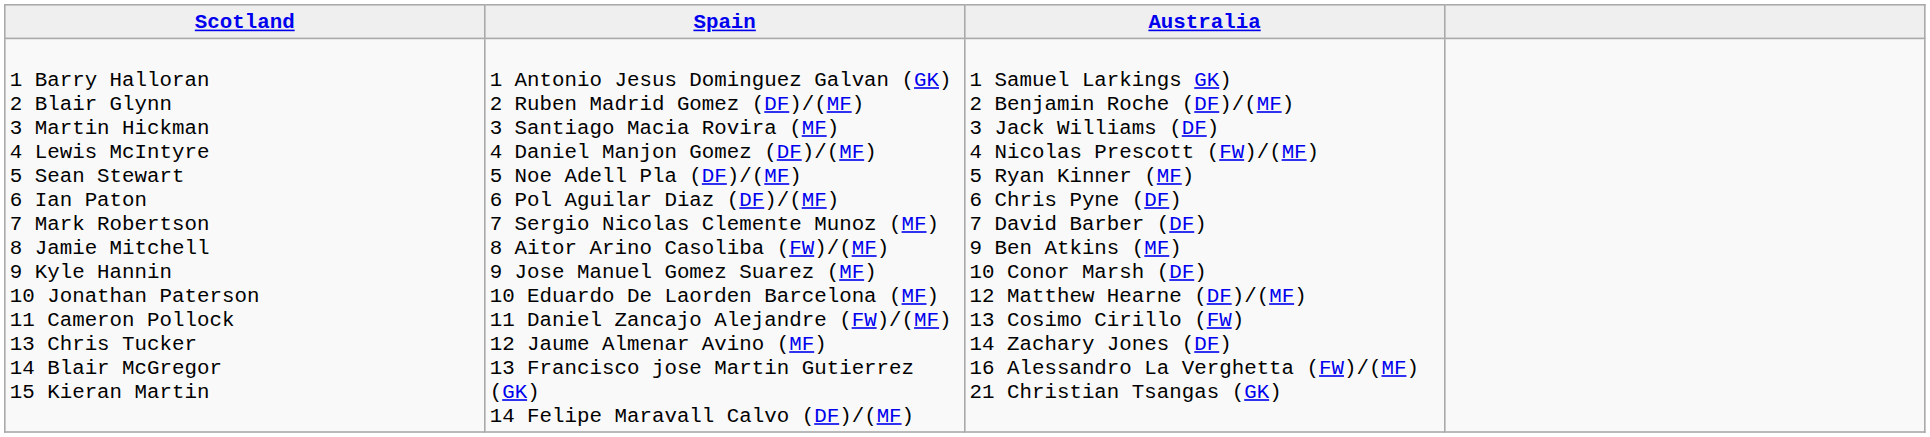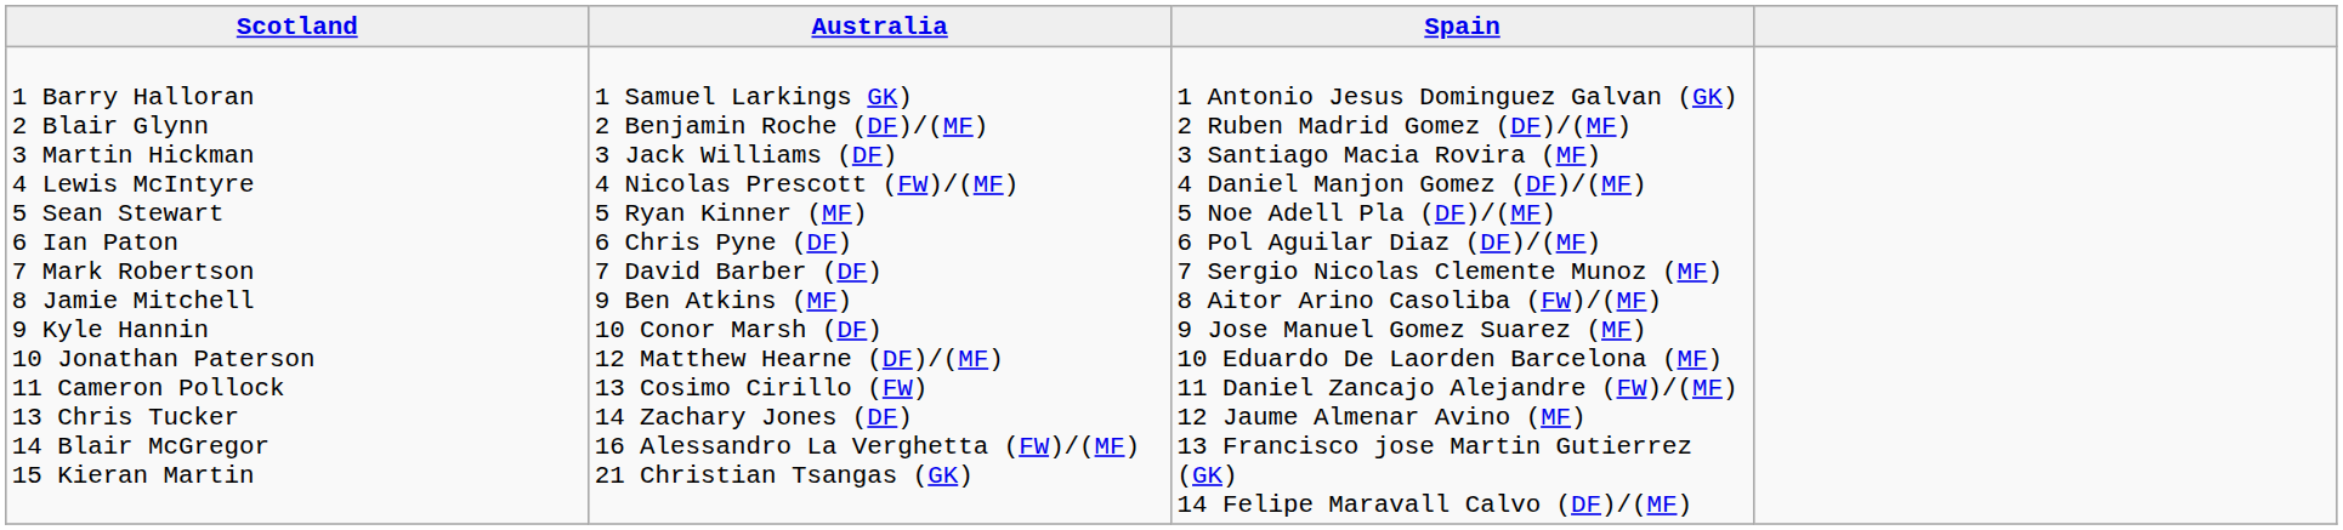 <table class="wikitable mw-collapsible mw-collapsed" cellpadding=5 cellspacing=0 style="width:95%">
 <tr align=center>
 <td bgcolor="#efefef" width="200"><strong> <a href='#'>Scotland</a></strong></td>
+<td bgcolor="#efefef" width="200"><strong> <a href='#'>Australia</a></strong></td>
 <td bgcolor="#efefef" width="200"><strong> <a href='#'>Spain</a></strong></td>
-<td bgcolor="#efefef" width="200"><strong> <a href='#'>Australia</a></strong></td>
 <td bgcolor="#efefef" width="200"></td>
 </tr>
 <tr valign=top>
 <td><br>1 Barry Halloran<br> 2 Blair Glynn <br> 3 Martin Hickman<br> 4 Lewis McIntyre<br> 5 Sean Stewart<br> 6 Ian Paton<br> 7 Mark Robertson<br> 8 Jamie Mitchell<br> 9 Kyle Hannin<br> 10 Jonathan Paterson<br> 11 Cameron Pollock<br> 13 Chris Tucker<br> 14 Blair McGregor<br> 15 Kieran Martin<br></td>
+<td><br>1 Samuel Larkings <a href='#'>GK</a>)<br> 2 Benjamin Roche (<a href='#'>DF</a>)/(<a href='#'>MF</a>)<br> 3 Jack Williams (<a href='#'>DF</a>)<br> 4 Nicolas Prescott (<a href='#'>FW</a>)/(<a href='#'>MF</a>)<br> 5 Ryan Kinner (<a href='#'>MF</a>)<br> 6 Chris Pyne (<a href='#'>DF</a>)<br> 7 David Barber (<a href='#'>DF</a>)<br> 9 Ben Atkins (<a href='#'>MF</a>)<br> 10 Conor Marsh (<a href='#'>DF</a>)<br> 12 Matthew Hearne (<a href='#'>DF</a>)/(<a href='#'>MF</a>)<br> 13 Cosimo Cirillo (<a href='#'>FW</a>)<br> 14 Zachary Jones (<a href='#'>DF</a>)<br> 16 Alessandro La Verghetta (<a href='#'>FW</a>)/(<a href='#'>MF</a>)<br> 21 Christian Tsangas (<a href='#'>GK</a>)<br></td>
 <td><br>1 Antonio Jesus Dominguez Galvan (<a href='#'>GK</a>)<br> 2 Ruben Madrid Gomez (<a href='#'>DF</a>)/(<a href='#'>MF</a>)<br> 3 Santiago	Macia Rovira (<a href='#'>MF</a>)<br> 4 Daniel Manjon Gomez (<a href='#'>DF</a>)/(<a href='#'>MF</a>)<br> 5 Noe Adell Pla (<a href='#'>DF</a>)/(<a href='#'>MF</a>)<br> 6 Pol Aguilar Diaz (<a href='#'>DF</a>)/(<a href='#'>MF</a>)<br> 7 Sergio Nicolas Clemente Munoz (<a href='#'>MF</a>)<br> 8 Aitor Arino Casoliba (<a href='#'>FW</a>)/(<a href='#'>MF</a>)<br> 9 Jose Manuel Gomez Suarez (<a href='#'>MF</a>)<br> 10 Eduardo De Laorden Barcelona (<a href='#'>MF</a>)<br> 11 Daniel Zancajo Alejandre (<a href='#'>FW</a>)/(<a href='#'>MF</a>)<br> 12 Jaume Almenar Avino (<a href='#'>MF</a>)<br> 13 Francisco jose Martin Gutierrez (<a href='#'>GK</a>)<br> 14 Felipe Maravall Calvo (<a href='#'>DF</a>)/(<a href='#'>MF</a>)<br></td>
-<td><br>1 Samuel Larkings <a href='#'>GK</a>)<br> 2 Benjamin Roche (<a href='#'>DF</a>)/(<a href='#'>MF</a>)<br> 3 Jack Williams (<a href='#'>DF</a>)<br> 4 Nicolas Prescott (<a href='#'>FW</a>)/(<a href='#'>MF</a>)<br> 5 Ryan Kinner (<a href='#'>MF</a>)<br> 6 Chris Pyne (<a href='#'>DF</a>)<br> 7 David Barber (<a href='#'>DF</a>)<br> 9 Ben Atkins (<a href='#'>MF</a>)<br> 10 Conor Marsh (<a href='#'>DF</a>)<br> 12 Matthew Hearne (<a href='#'>DF</a>)/(<a href='#'>MF</a>)<br> 13 Cosimo Cirillo (<a href='#'>FW</a>)<br> 14 Zachary Jones (<a href='#'>DF</a>)<br> 16 Alessandro La Verghetta (<a href='#'>FW</a>)/(<a href='#'>MF</a>)<br> 21 Christian Tsangas (<a href='#'>GK</a>)<br></td>
 <td></td>
 </tr>
 </table>
